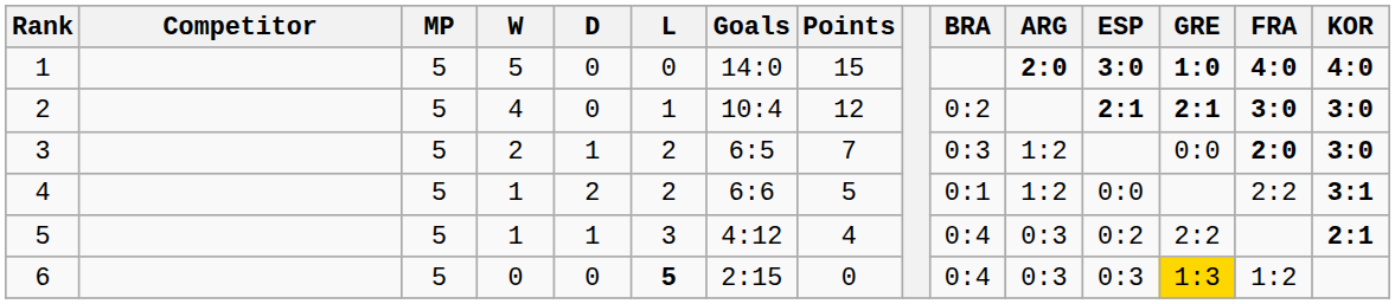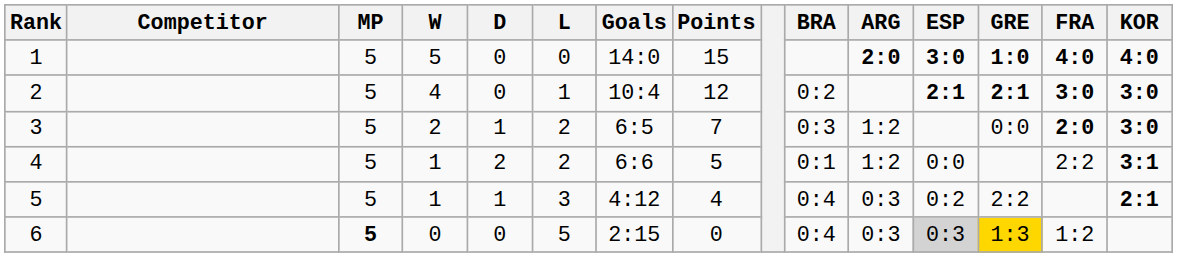 <table class="wikitable" style="text-align:center">
 <tr>
 <th>Rank</th>
 <th style="width:12em">Competitor</th>
 <th style="width:2.5em">MP</th>
 <th style="width:2.5em">W</th>
 <th style="width:2.5em">D</th>
 <th style="width:2.5em">L</th>
 <th>Goals</th>
 <th style="width:2.5em">Points</th>
 <th rowspan="7"> </th>
 <th style="width:2.5em">BRA</th>
 <th style="width:2.5em">ARG</th>
 <th style="width:2.5em">ESP</th>
 <th style="width:2.5em">GRE</th>
 <th style="width:2.5em">FRA</th>
 <th style="width:2.5em">KOR</th>
 </tr>
 <tr>
 <td>1</td>
 <td style="text-align:left"></td>
 <td>5</td>
 <td>5</td>
 <td>0</td>
 <td>0</td>
 <td>14:0</td>
 <td>15</td>
 <td></td>
 <td><strong>2:0</strong></td>
 <td><strong>3:0</strong></td>
 <td><strong>1:0</strong></td>
 <td><strong>4:0</strong></td>
 <td><strong>4:0</strong></td>
 </tr>
 <tr>
 <td>2</td>
 <td style="text-align:left"></td>
 <td>5</td>
 <td>4</td>
 <td>0</td>
 <td>1</td>
 <td>10:4</td>
 <td>12</td>
 <td>0:2</td>
 <td></td>
 <td><strong>2:1</strong></td>
 <td><strong>2:1</strong></td>
 <td><strong>3:0</strong></td>
 <td><strong>3:0</strong></td>
 </tr>
 <tr>
 <td>3</td>
 <td style="text-align:left"></td>
 <td>5</td>
 <td>2</td>
 <td>1</td>
 <td>2</td>
 <td>6:5</td>
 <td>7</td>
 <td>0:3</td>
 <td>1:2</td>
 <td></td>
 <td>0:0</td>
 <td><strong>2:0</strong></td>
 <td><strong>3:0</strong></td>
 </tr>
 <tr>
 <td>4</td>
 <td style="text-align:left"></td>
 <td>5</td>
 <td>1</td>
 <td>2</td>
 <td>2</td>
 <td>6:6</td>
 <td>5</td>
 <td>0:1</td>
 <td>1:2</td>
 <td>0:0</td>
 <td></td>
 <td>2:2</td>
 <td><strong>3:1</strong></td>
 </tr>
 <tr>
 <td>5</td>
 <td style="text-align:left"></td>
 <td>5</td>
 <td>1</td>
 <td>1</td>
 <td>3</td>
 <td>4:12</td>
 <td>4</td>
 <td>0:4</td>
 <td>0:3</td>
 <td>0:2</td>
 <td>2:2</td>
 <td></td>
 <td><strong>2:1</strong></td>
 </tr>
 <tr>
 <td>6</td>
 <td style="text-align:left"></td>
-<td>5</td>
+<td><strong>5</strong></td>
 <td>0</td>
 <td>0</td>
-<td><strong>5</strong></td>
+<td>5</td>
 <td>2:15</td>
 <td>0</td>
 <td>0:4</td>
 <td>0:3</td>
-<td>0:3</td>
+<td style="background: lightgrey;">0:3</td>
 <td style="background: gold;">1:3</td>
 <td>1:2</td>
 <td></td>
 </tr>
 </table>
